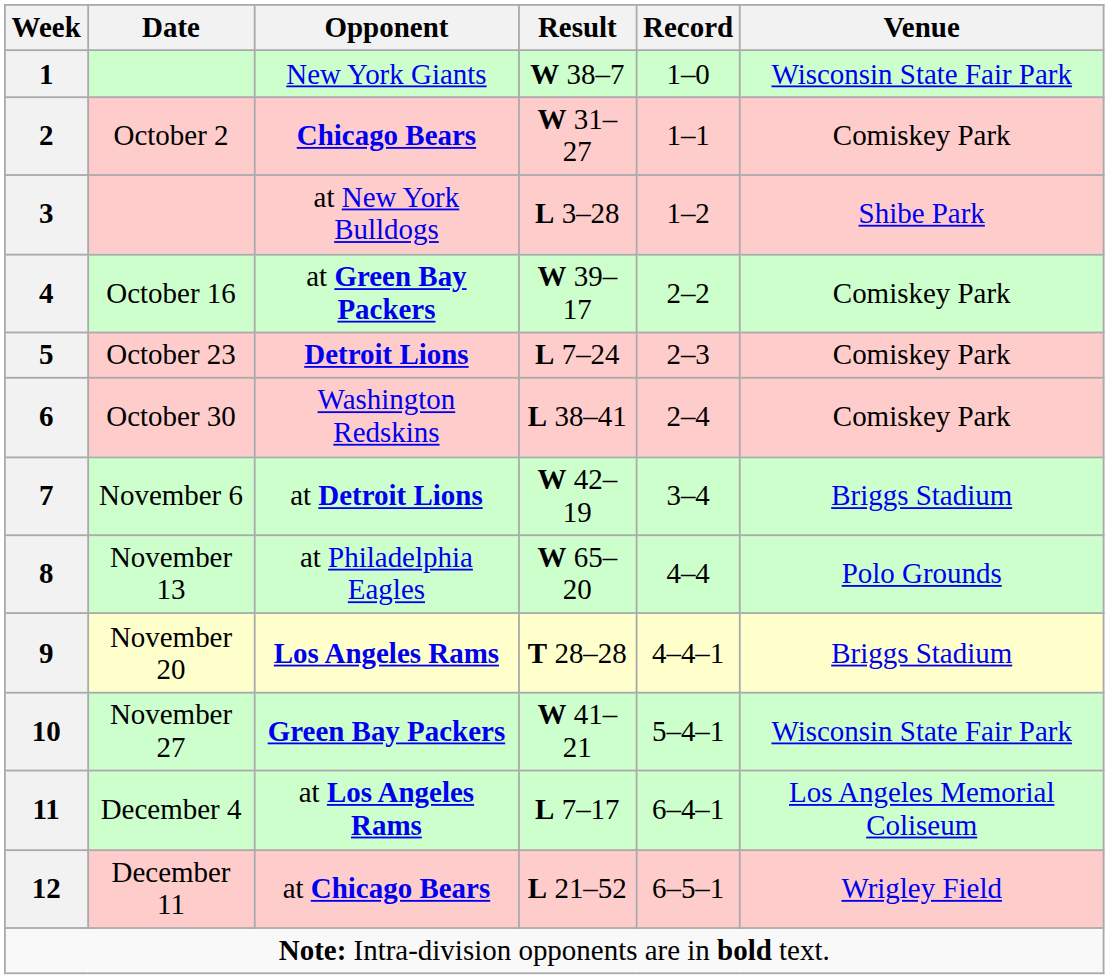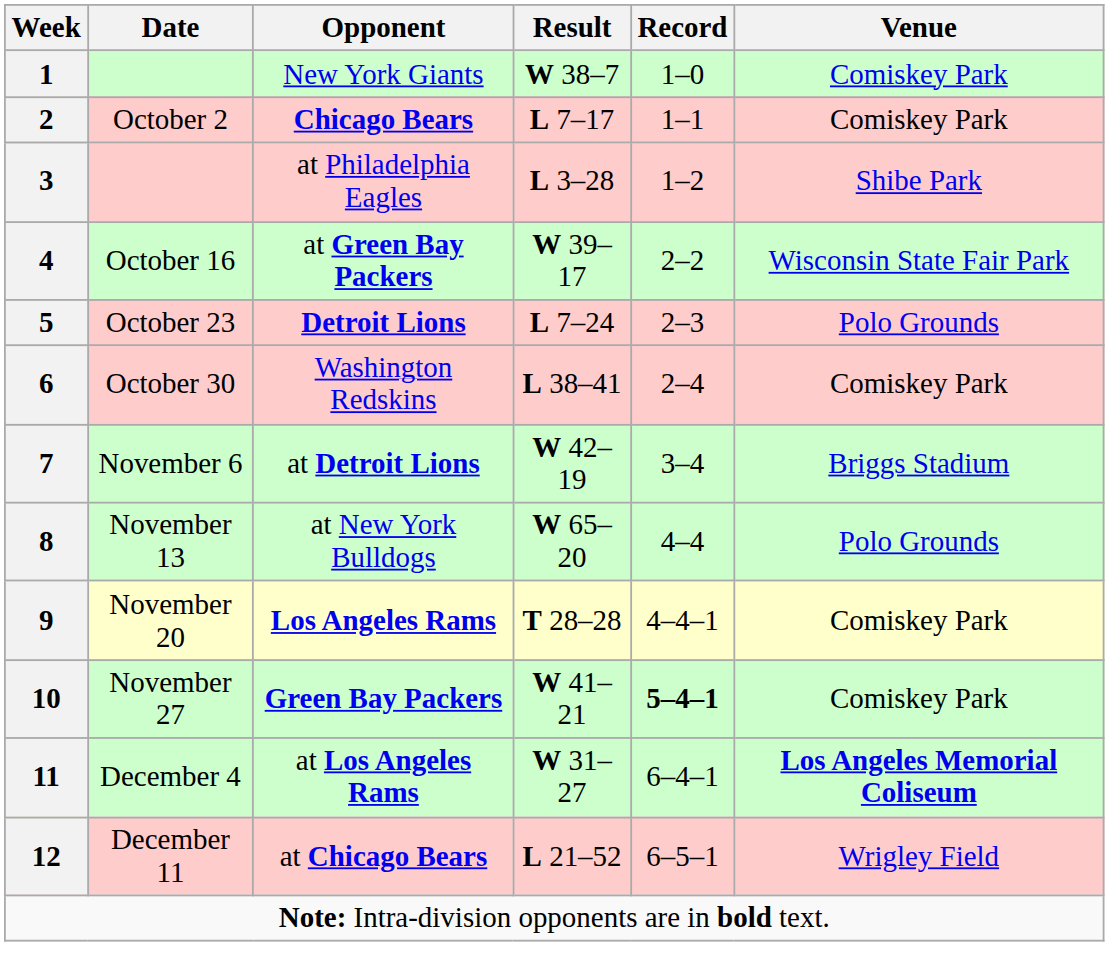 <table class="wikitable" style="text-align:center">
 <tr>
 <th>Week</th>
 <th>Date</th>
 <th>Opponent</th>
 <th>Result</th>
 <th>Record</th>
 <th>Venue</th>
 </tr>
 <tr style="background:#cfc">
 <th>1</th>
 <td></td>
 <td><a href='#'>New York Giants</a></td>
 <td><strong>W</strong> 38–7</td>
 <td>1–0</td>
-<td><a href='#'>Wisconsin State Fair Park</a></td>
+<td><a href='#'>Comiskey Park</a></td>
 </tr>
 <tr style="background:#fcc">
 <th>2</th>
 <td>October 2</td>
 <td><strong><a href='#'>Chicago Bears</a></strong></td>
-<td><strong>W</strong> 31–27</td>
+<td><strong>L</strong> 7–17</td>
 <td>1–1</td>
 <td>Comiskey Park</td>
 </tr>
 <tr style="background:#fcc">
 <th>3</th>
 <td></td>
-<td>at <a href='#'>New York Bulldogs</a></td>
+<td>at <a href='#'>Philadelphia Eagles</a></td>
 <td><strong>L</strong> 3–28</td>
 <td>1–2</td>
 <td><a href='#'>Shibe Park</a></td>
 </tr>
 <tr style="background:#cfc">
 <th>4</th>
 <td>October 16</td>
 <td>at <strong><a href='#'>Green Bay Packers</a></strong></td>
 <td><strong>W</strong> 39–17</td>
 <td>2–2</td>
-<td>Comiskey Park</td>
+<td><a href='#'>Wisconsin State Fair Park</a></td>
 </tr>
 <tr style="background:#fcc">
 <th>5</th>
 <td>October 23</td>
 <td><strong><a href='#'>Detroit Lions</a></strong></td>
 <td><strong>L</strong> 7–24</td>
 <td>2–3</td>
-<td>Comiskey Park</td>
+<td><a href='#'>Polo Grounds</a></td>
 </tr>
 <tr style="background:#fcc">
 <th>6</th>
 <td>October 30</td>
 <td><a href='#'>Washington Redskins</a></td>
 <td><strong>L</strong> 38–41</td>
 <td>2–4</td>
 <td>Comiskey Park</td>
 </tr>
 <tr style="background:#cfc">
 <th>7</th>
 <td>November 6</td>
 <td>at <strong><a href='#'>Detroit Lions</a></strong></td>
 <td><strong>W</strong> 42–19</td>
 <td>3–4</td>
 <td><a href='#'>Briggs Stadium</a></td>
 </tr>
 <tr style="background:#cfc">
 <th>8</th>
 <td>November 13</td>
-<td>at <a href='#'>Philadelphia Eagles</a></td>
+<td>at <a href='#'>New York Bulldogs</a></td>
 <td><strong>W</strong> 65–20</td>
 <td>4–4</td>
 <td><a href='#'>Polo Grounds</a></td>
 </tr>
 <tr style="background:#ffc">
 <th>9</th>
 <td>November 20</td>
 <td><strong><a href='#'>Los Angeles Rams</a></strong></td>
 <td><strong>T</strong> 28–28</td>
 <td>4–4–1</td>
-<td><a href='#'>Briggs Stadium</a></td>
+<td>Comiskey Park</td>
 </tr>
 <tr style="background:#cfc">
 <th>10</th>
 <td>November 27</td>
 <td><strong><a href='#'>Green Bay Packers</a></strong></td>
 <td><strong>W</strong> 41–21</td>
-<td>5–4–1</td>
-<td><a href='#'>Wisconsin State Fair Park</a></td>
+<td><strong>5–4–1</strong></td>
+<td>Comiskey Park</td>
 </tr>
 <tr style="background:#cfc">
 <th>11</th>
 <td>December 4</td>
 <td>at <strong><a href='#'>Los Angeles Rams</a></strong></td>
-<td><strong>L</strong> 7–17</td>
+<td><strong>W</strong> 31–27</td>
 <td>6–4–1</td>
-<td><a href='#'>Los Angeles Memorial Coliseum</a></td>
+<td><strong><a href='#'>Los Angeles Memorial Coliseum</a></strong></td>
 </tr>
 <tr style="background:#fcc">
 <th>12</th>
 <td>December 11</td>
 <td>at <strong><a href='#'>Chicago Bears</a></strong></td>
 <td><strong>L</strong> 21–52</td>
 <td>6–5–1</td>
 <td><a href='#'>Wrigley Field</a></td>
 </tr>
 <tr>
 <td colspan="8"><strong>Note:</strong> Intra-division opponents are in <strong>bold</strong> text.</td>
 </tr>
 </table>
